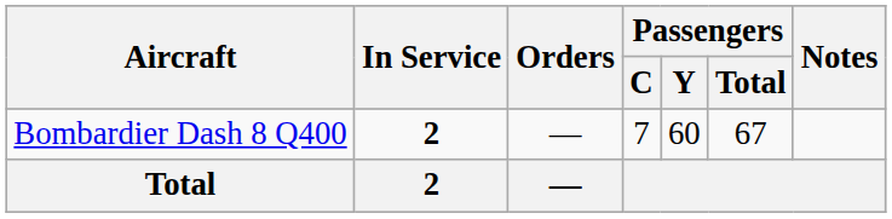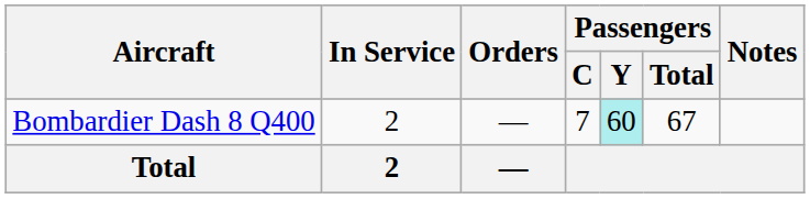 <table class="wikitable" style="border-collapse:collapse;text-align:center;margin:auto;">
 <tr>
 <th rowspan="2">Aircraft</th>
 <th rowspan="2">In Service</th>
 <th rowspan="2">Orders</th>
 <th colspan="3">Passengers</th>
 <th rowspan="2">Notes</th>
 </tr>
 <tr>
 <th><abbr>C</abbr></th>
 <th><abbr>Y</abbr></th>
 <th>Total</th>
 </tr>
 <tr>
 <td><a href='#'>Bombardier Dash 8 Q400</a></td>
-<td><strong>2</strong></td>
+<td>2</td>
 <td>—</td>
 <td>7</td>
-<td>60</td>
+<td style="background: paleturquoise;">60</td>
 <td>67</td>
 <td></td>
 </tr>
 <tr>
 <th>Total</th>
 <th>2</th>
 <th>—</th>
 <th colspan="4"></th>
 </tr>
 </table>
